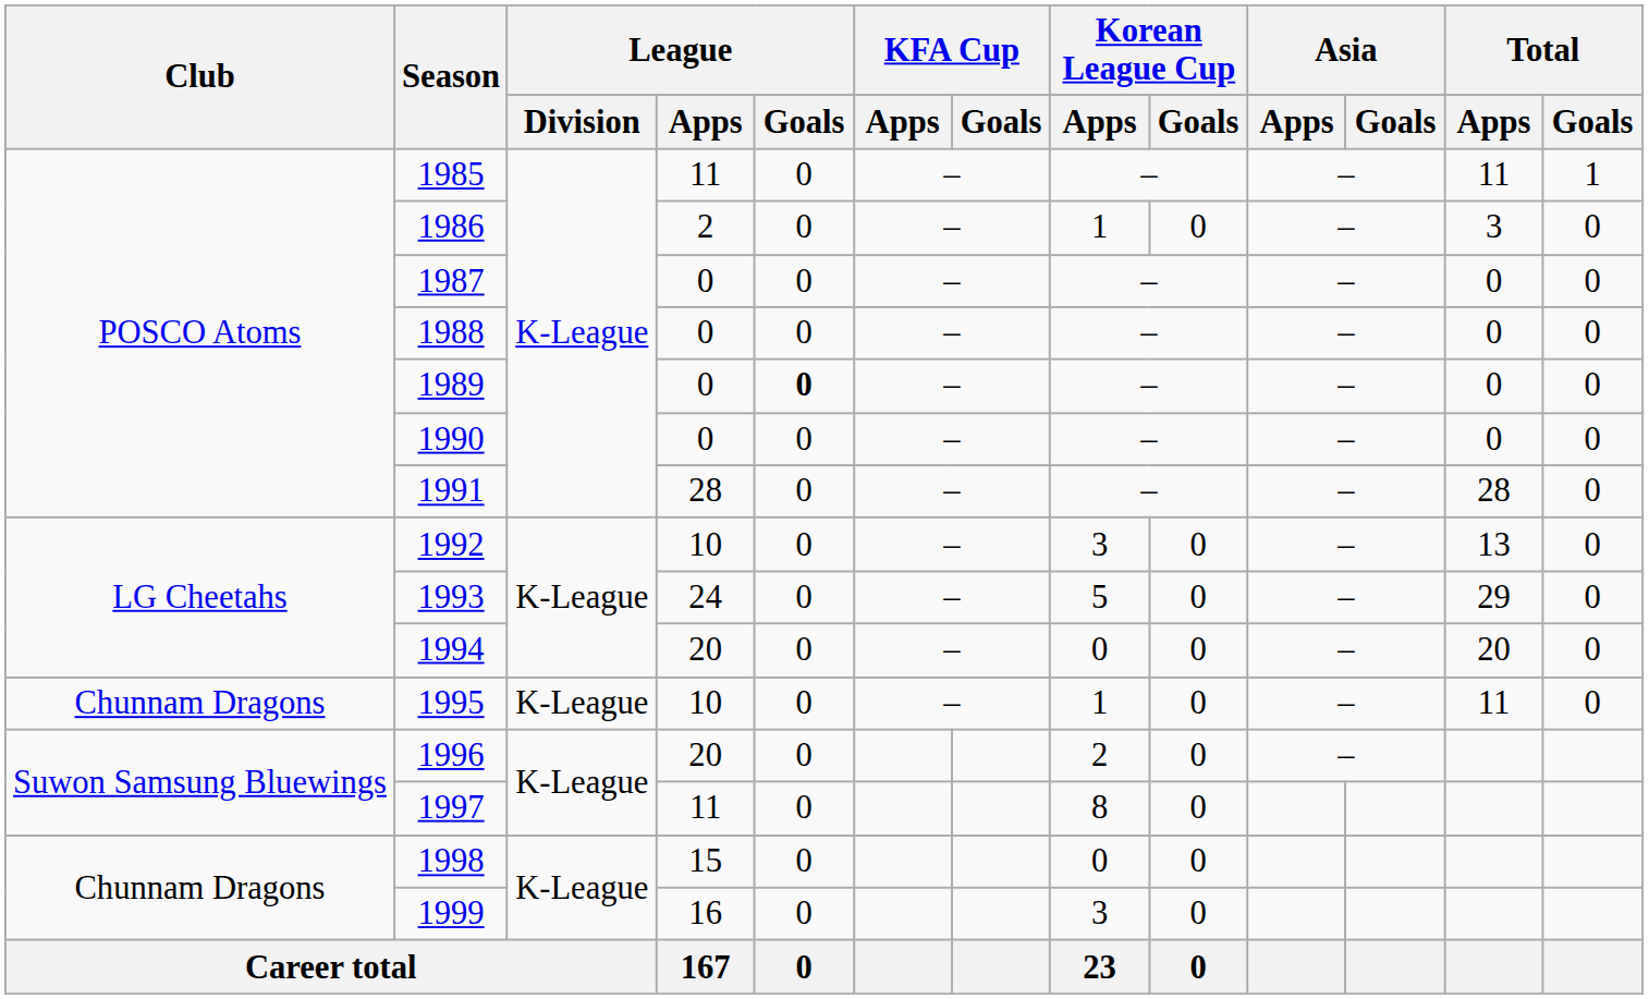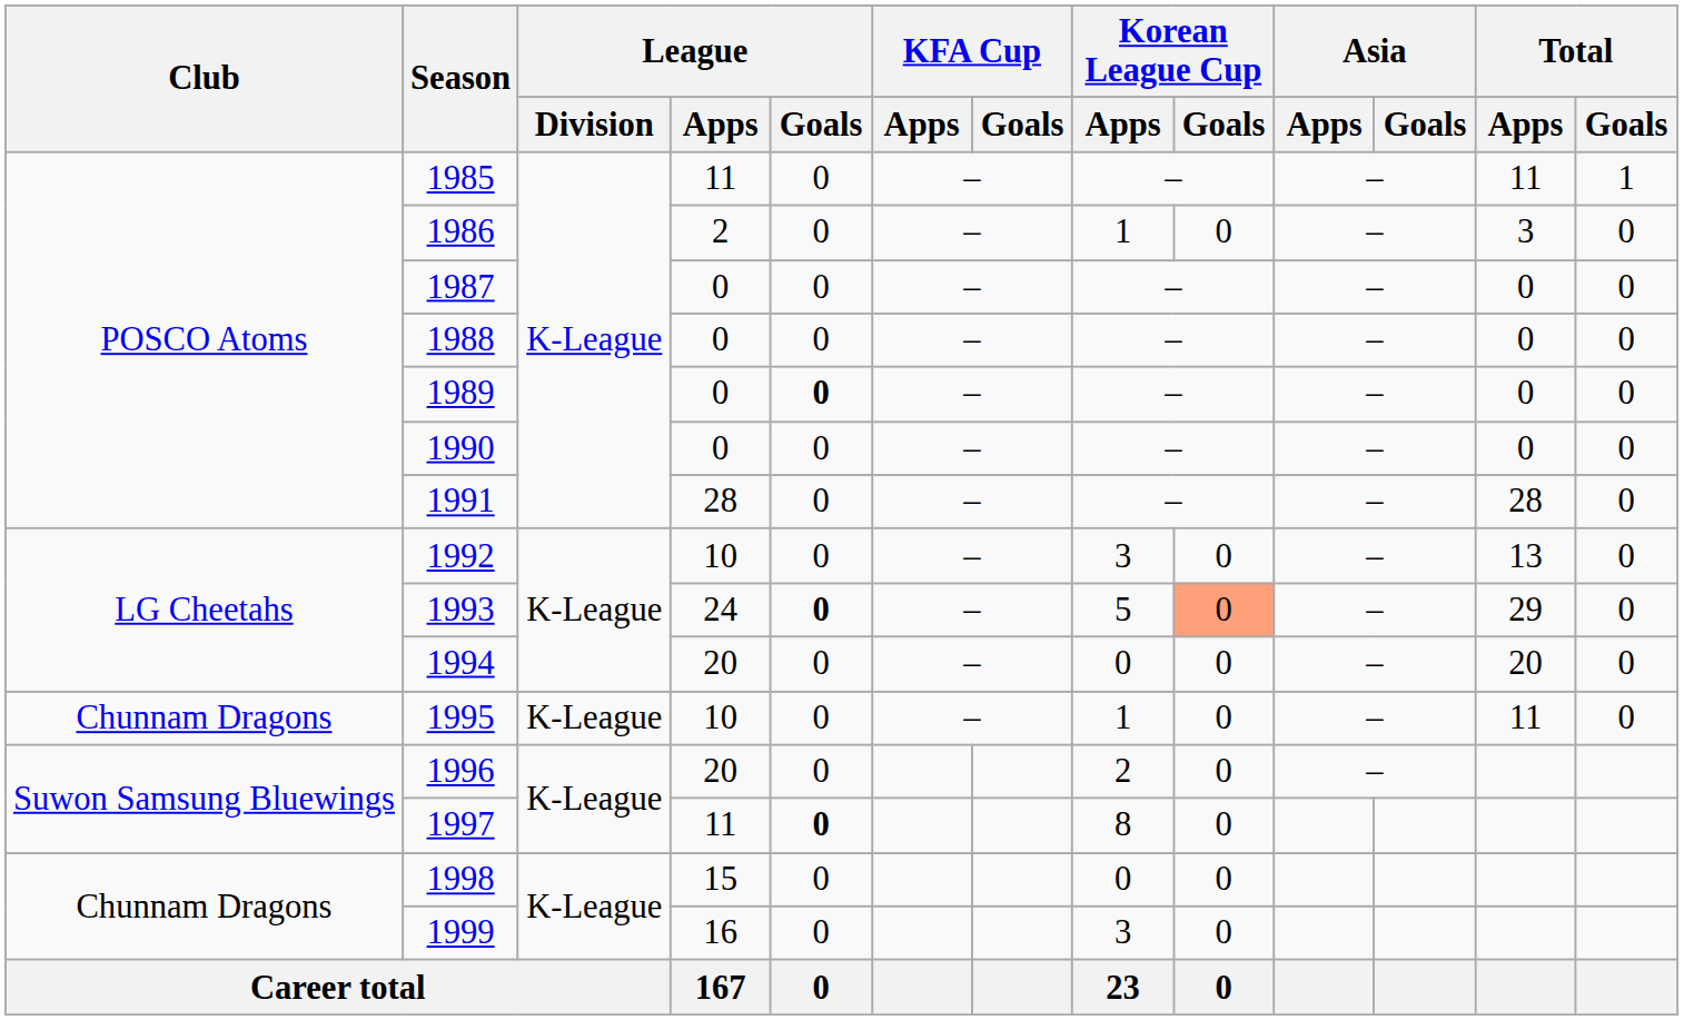 <table class="wikitable" style="text-align:center">
 <tr>
 <th rowspan="2">Club</th>
 <th rowspan="2">Season</th>
 <th colspan="3">League</th>
 <th colspan="2"><a href='#'>KFA Cup</a></th>
 <th colspan="2"><a href='#'>Korean League Cup</a></th>
 <th colspan="2">Asia</th>
 <th colspan="2">Total</th>
 </tr>
 <tr>
 <th>Division</th>
 <th width="40">Apps</th>
 <th width="40">Goals</th>
 <th width="40">Apps</th>
 <th width="40">Goals</th>
 <th width="40">Apps</th>
 <th width="40">Goals</th>
 <th width="40">Apps</th>
 <th width="40">Goals</th>
 <th width="40">Apps</th>
 <th width="40">Goals</th>
 </tr>
 <tr>
 <td rowspan="7"><a href='#'>POSCO Atoms</a></td>
 <td><a href='#'>1985</a></td>
 <td rowspan="7"><a href='#'>K-League</a></td>
 <td>11</td>
 <td>0</td>
 <td colspan="2">–</td>
 <td colspan="2">–</td>
 <td colspan="2">–</td>
 <td>11</td>
 <td>1</td>
 </tr>
 <tr>
 <td><a href='#'>1986</a></td>
 <td>2</td>
 <td>0</td>
 <td colspan="2">–</td>
 <td>1</td>
 <td>0</td>
 <td colspan="2">–</td>
 <td>3</td>
 <td>0</td>
 </tr>
 <tr>
 <td><a href='#'>1987</a></td>
 <td>0</td>
 <td>0</td>
 <td colspan="2">–</td>
 <td colspan="2">–</td>
 <td colspan="2">–</td>
 <td>0</td>
 <td>0</td>
 </tr>
 <tr>
 <td><a href='#'>1988</a></td>
 <td>0</td>
 <td>0</td>
 <td colspan="2">–</td>
 <td colspan="2">–</td>
 <td colspan="2">–</td>
 <td>0</td>
 <td>0</td>
 </tr>
 <tr>
 <td><a href='#'>1989</a></td>
 <td>0</td>
 <td><strong>0</strong></td>
 <td colspan="2">–</td>
 <td colspan="2">–</td>
 <td colspan="2">–</td>
 <td>0</td>
 <td>0</td>
 </tr>
 <tr>
 <td><a href='#'>1990</a></td>
 <td>0</td>
 <td>0</td>
 <td colspan="2">–</td>
 <td colspan="2">–</td>
 <td colspan="2">–</td>
 <td>0</td>
 <td>0</td>
 </tr>
 <tr>
 <td><a href='#'>1991</a></td>
 <td>28</td>
 <td>0</td>
 <td colspan="2">–</td>
 <td colspan="2">–</td>
 <td colspan="2">–</td>
 <td>28</td>
 <td>0</td>
 </tr>
 <tr>
 <td rowspan="3"><a href='#'>LG Cheetahs</a></td>
 <td><a href='#'>1992</a></td>
 <td rowspan="3">K-League</td>
 <td>10</td>
 <td>0</td>
 <td colspan="2">–</td>
 <td>3</td>
 <td>0</td>
 <td colspan="2">–</td>
 <td>13</td>
 <td>0</td>
 </tr>
 <tr>
 <td><a href='#'>1993</a></td>
 <td>24</td>
-<td>0</td>
+<td><strong>0</strong></td>
 <td colspan="2">–</td>
 <td>5</td>
-<td>0</td>
+<td style="background: lightsalmon;">0</td>
 <td colspan="2">–</td>
 <td>29</td>
 <td>0</td>
 </tr>
 <tr>
 <td><a href='#'>1994</a></td>
 <td>20</td>
 <td>0</td>
 <td colspan="2">–</td>
 <td>0</td>
 <td>0</td>
 <td colspan="2">–</td>
 <td>20</td>
 <td>0</td>
 </tr>
 <tr>
 <td><a href='#'>Chunnam Dragons</a></td>
 <td><a href='#'>1995</a></td>
 <td>K-League</td>
 <td>10</td>
 <td>0</td>
 <td colspan="2">–</td>
 <td>1</td>
 <td>0</td>
 <td colspan="2">–</td>
 <td>11</td>
 <td>0</td>
 </tr>
 <tr>
 <td rowspan="2"><a href='#'>Suwon Samsung Bluewings</a></td>
 <td><a href='#'>1996</a></td>
 <td rowspan="2">K-League</td>
 <td>20</td>
 <td>0</td>
 <td></td>
 <td></td>
 <td>2</td>
 <td>0</td>
 <td colspan="2">–</td>
 <td></td>
 <td></td>
 </tr>
 <tr>
 <td><a href='#'>1997</a></td>
 <td>11</td>
-<td>0</td>
+<td><strong>0</strong></td>
 <td></td>
 <td></td>
 <td>8</td>
 <td>0</td>
 <td></td>
 <td></td>
 <td></td>
 <td></td>
 </tr>
 <tr>
 <td rowspan="2">Chunnam Dragons</td>
 <td><a href='#'>1998</a></td>
 <td rowspan="2">K-League</td>
 <td>15</td>
 <td>0</td>
 <td></td>
 <td></td>
 <td>0</td>
 <td>0</td>
 <td></td>
 <td></td>
 <td></td>
 <td></td>
 </tr>
 <tr>
 <td><a href='#'>1999</a></td>
 <td>16</td>
 <td>0</td>
 <td></td>
 <td></td>
 <td>3</td>
 <td>0</td>
 <td></td>
 <td></td>
 <td></td>
 <td></td>
 </tr>
 <tr>
 <th colspan="3">Career total</th>
 <th>167</th>
 <th>0</th>
 <th></th>
 <th></th>
 <th>23</th>
 <th>0</th>
 <th></th>
 <th></th>
 <th></th>
 <th></th>
 </tr>
 </table>
